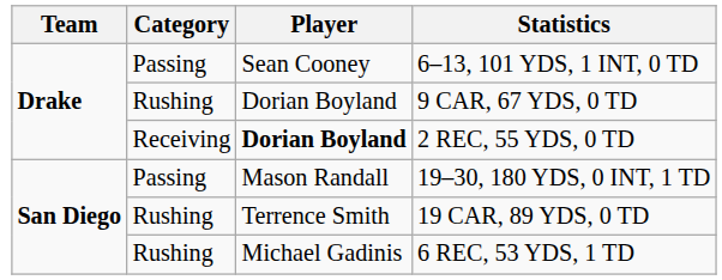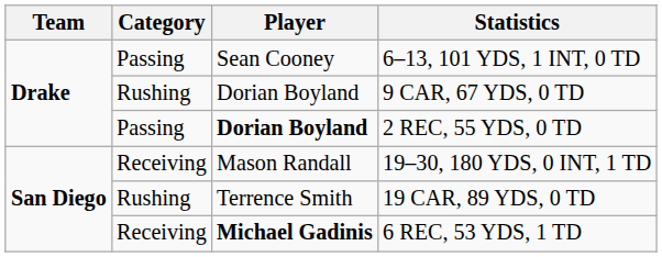 <table class="wikitable" style="float: right;">
 <tr>
 <th>Team</th>
 <th>Category</th>
 <th>Player</th>
 <th>Statistics</th>
 </tr>
 <tr>
 <td rowspan=3><strong>Drake</strong></td>
 <td>Passing</td>
 <td>Sean Cooney</td>
 <td>6–13, 101 YDS, 1 INT, 0 TD</td>
 </tr>
 <tr>
 <td>Rushing</td>
 <td>Dorian Boyland</td>
 <td>9 CAR, 67 YDS, 0 TD</td>
 </tr>
 <tr>
-<td>Receiving</td>
+<td>Passing</td>
 <td><strong>Dorian Boyland</strong></td>
 <td>2 REC, 55 YDS, 0 TD</td>
 </tr>
 <tr>
 <td rowspan=3><strong>San Diego</strong></td>
-<td>Passing</td>
+<td>Receiving</td>
 <td>Mason Randall</td>
 <td>19–30, 180 YDS, 0 INT, 1 TD</td>
 </tr>
 <tr>
 <td>Rushing</td>
 <td>Terrence Smith</td>
 <td>19 CAR, 89 YDS, 0 TD</td>
 </tr>
 <tr>
-<td>Rushing</td>
-<td>Michael Gadinis</td>
+<td>Receiving</td>
+<td><strong>Michael Gadinis</strong></td>
 <td>6 REC, 53 YDS, 1 TD</td>
 </tr>
 </table>
